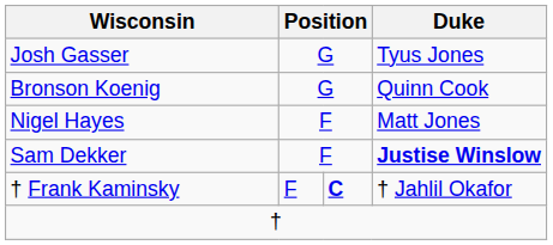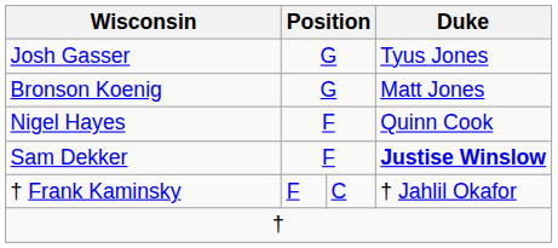 <table class="wikitable">
 <tr>
 <th style="width:200px;">Wisconsin</th>
 <th colspan="2">Position</th>
 <th>Duke</th>
 </tr>
 <tr>
 <td><a href='#'>Josh Gasser</a></td>
 <td colspan="2" style="text-align:center"><a href='#'>G</a></td>
 <td><a href='#'>Tyus Jones</a></td>
 </tr>
 <tr>
 <td><a href='#'>Bronson Koenig</a></td>
 <td colspan="2" style="text-align:center"><a href='#'>G</a></td>
-<td><a href='#'>Quinn Cook</a></td>
+<td><a href='#'>Matt Jones</a></td>
 </tr>
 <tr>
 <td><a href='#'>Nigel Hayes</a></td>
 <td colspan="2" style="text-align:center"><a href='#'>F</a></td>
-<td><a href='#'>Matt Jones</a></td>
+<td><a href='#'>Quinn Cook</a></td>
 </tr>
 <tr>
 <td><a href='#'>Sam Dekker</a></td>
 <td colspan="2" style="text-align:center"><a href='#'>F</a></td>
 <td><strong><a href='#'>Justise Winslow</a></strong></td>
 </tr>
 <tr>
 <td>† <a href='#'>Frank Kaminsky</a></td>
 <td><a href='#'>F</a></td>
-<td><strong><a href='#'>C</a></strong></td>
+<td><a href='#'>C</a></td>
 <td>† <a href='#'>Jahlil Okafor</a></td>
 </tr>
 <tr>
 <td colspan="5" align=center>† </td>
 </tr>
 </table>
